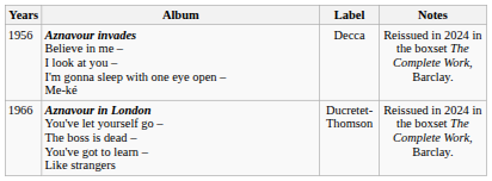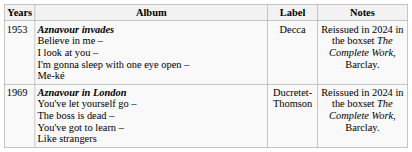 <table class="wikitable">
 <tr>
 <th align="left" valign="top" width="40">Years</th>
 <th align="left" valign="top" width="350">Album</th>
 <th align="center" valign="top" width="70">Label</th>
 <th align="left" valign="top" width="130">Notes</th>
 </tr>
 <tr>
-<td align="left" valign="top">1956</td>
+<td align="left" valign="top">1953</td>
 <td align="left" valign="top"><strong><em>Aznavour invades</em></strong><br>Believe in me –<br>I look at you –<br>I'm gonna sleep with one eye open –<br>Me-ké</td>
 <td align="center" valign="top">Decca</td>
 <td align="center" valign="top">Reissued in 2024 in the boxset <em>The Complete Work</em>, Barclay.</td>
 </tr>
 <tr>
-<td align="left" valign="top">1966</td>
+<td align="left" valign="top">1969</td>
 <td align="left" valign="top"><strong><em>Aznavour in London</em></strong><br>You've let yourself go –<br>The boss is dead –<br>You've got to learn –<br>Like strangers</td>
 <td align="center" valign="top">Ducretet-Thomson</td>
 <td align="center" valign="top">Reissued in 2024 in the boxset <em>The Complete Work</em>, Barclay.</td>
 </tr>
 </table>
